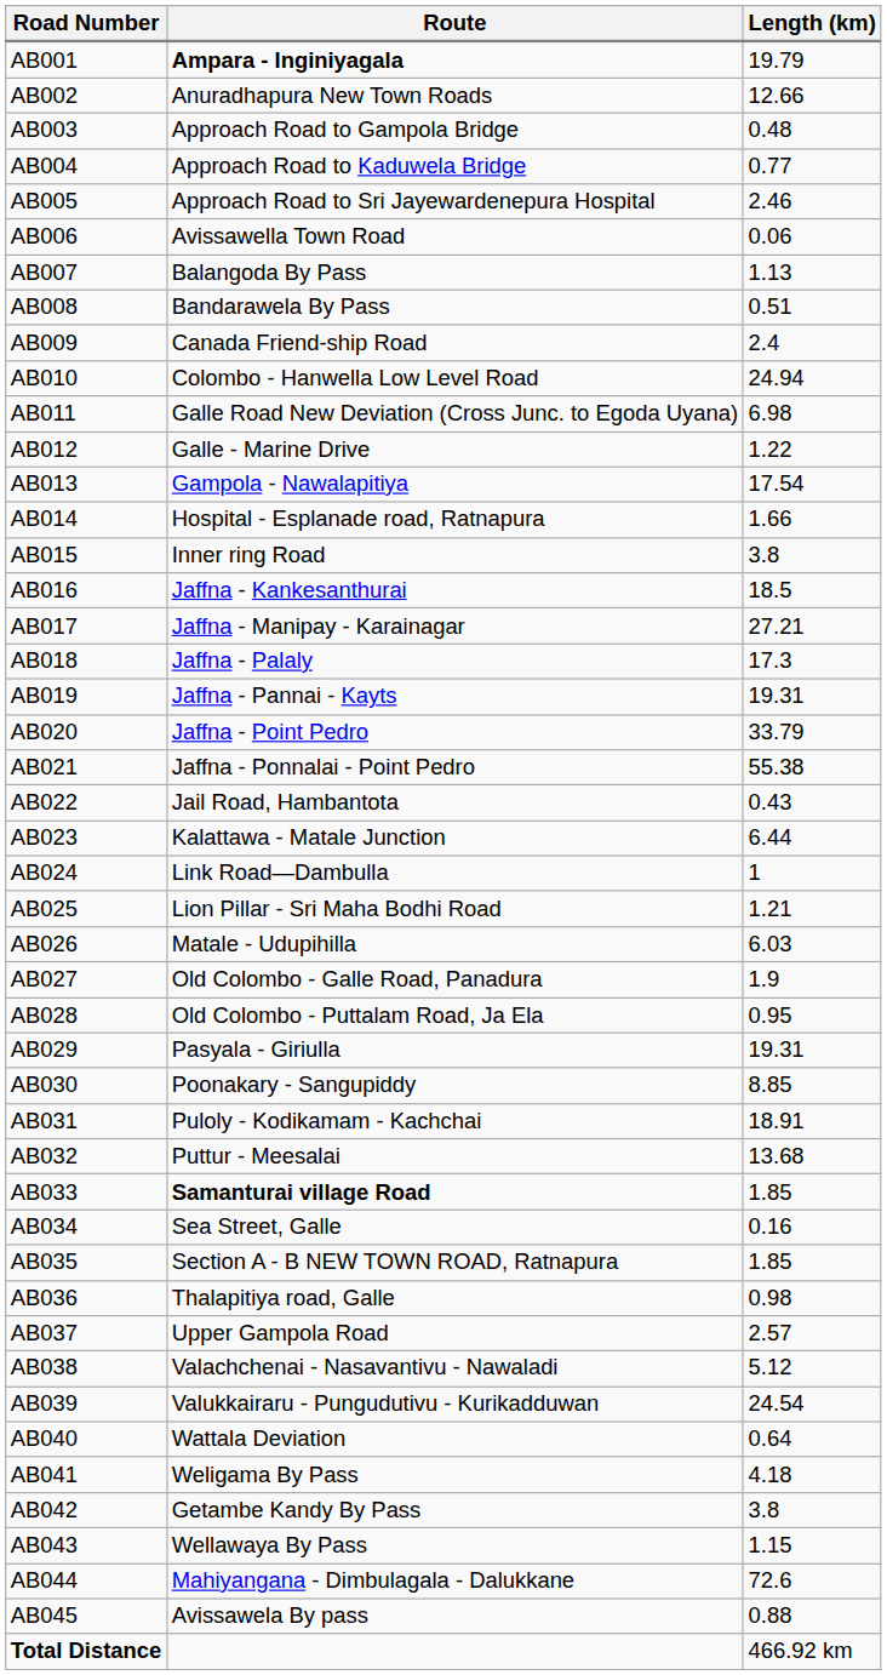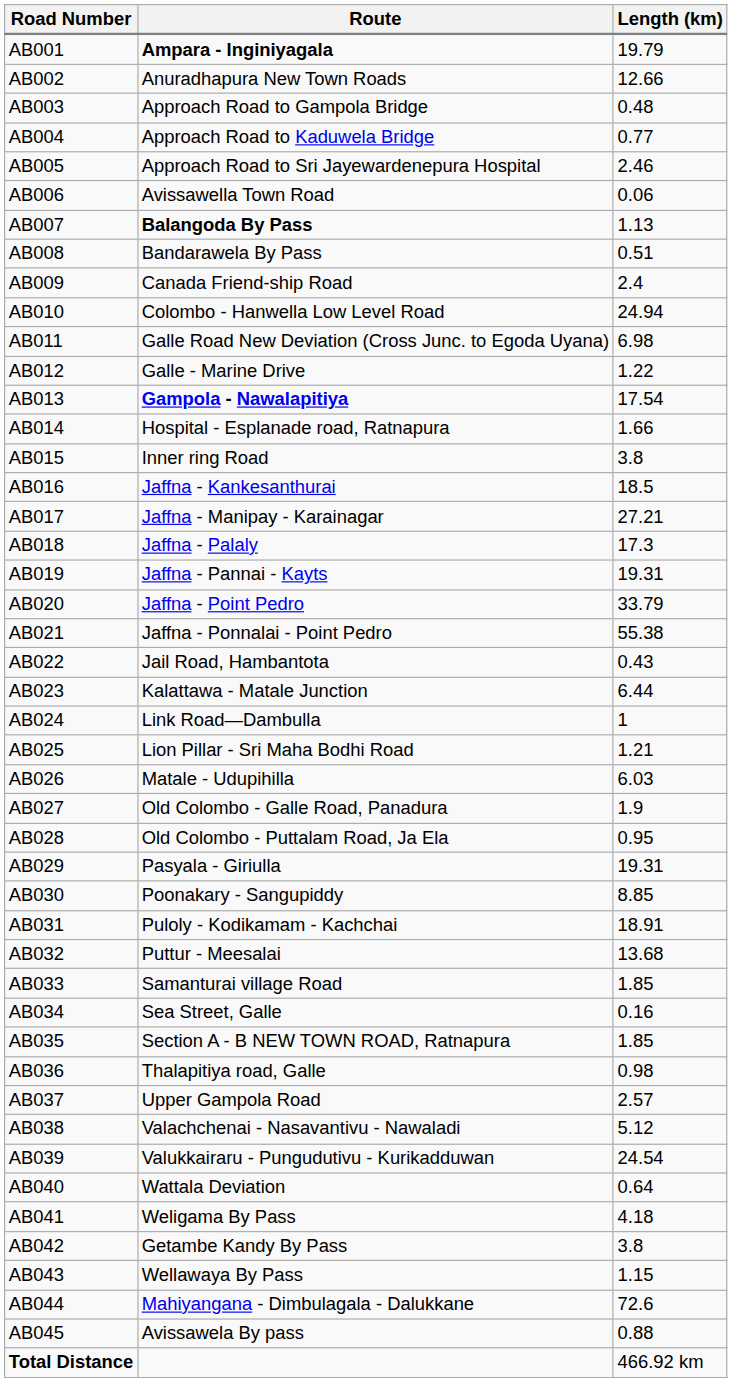 <table class="wikitable sortable align=left border=1 cellpadding=6 cellspacing=0 style="margin: 0 0 0 1em; background: #ffffff; border: 1px #aaaaaa solid; border-collapse: collapse; text-align:left; font-size: 95%;">
 <tr style="text-align:center; background: #efefef; border-bottom:2px solid gray;">
 <th>Road Number</th>
 <th>Route</th>
 <th>Length (km)</th>
 </tr>
 <tr>
 <td>AB001</td>
 <td><strong>Ampara - Inginiyagala</strong></td>
 <td>19.79</td>
 </tr>
 <tr>
 <td>AB002</td>
 <td>Anuradhapura New Town Roads</td>
 <td>12.66</td>
 </tr>
 <tr>
 <td>AB003</td>
 <td>Approach Road to Gampola Bridge</td>
 <td>0.48</td>
 </tr>
 <tr>
 <td>AB004</td>
 <td>Approach Road to <a href='#'>Kaduwela Bridge</a></td>
 <td>0.77</td>
 </tr>
 <tr>
 <td>AB005</td>
 <td>Approach Road to Sri Jayewardenepura Hospital</td>
 <td>2.46</td>
 </tr>
 <tr>
 <td>AB006</td>
 <td>Avissawella Town Road</td>
 <td>0.06</td>
 </tr>
 <tr>
 <td>AB007</td>
-<td>Balangoda By Pass</td>
+<td><strong>Balangoda By Pass</strong></td>
 <td>1.13</td>
 </tr>
 <tr>
 <td>AB008</td>
 <td>Bandarawela By Pass</td>
 <td>0.51</td>
 </tr>
 <tr>
 <td>AB009</td>
 <td>Canada Friend-ship Road</td>
 <td>2.4</td>
 </tr>
 <tr>
 <td>AB010</td>
 <td>Colombo - Hanwella Low Level Road</td>
 <td>24.94</td>
 </tr>
 <tr>
 <td>AB011</td>
 <td>Galle Road New Deviation (Cross Junc. to Egoda Uyana)</td>
 <td>6.98</td>
 </tr>
 <tr>
 <td>AB012</td>
 <td>Galle - Marine Drive</td>
 <td>1.22</td>
 </tr>
 <tr>
 <td>AB013</td>
-<td><a href='#'>Gampola</a> - <a href='#'>Nawalapitiya</a></td>
+<td><strong><a href='#'>Gampola</a> - <a href='#'>Nawalapitiya</a></strong></td>
 <td>17.54</td>
 </tr>
 <tr>
 <td>AB014</td>
 <td>Hospital - Esplanade road, Ratnapura</td>
 <td>1.66</td>
 </tr>
 <tr>
 <td>AB015</td>
 <td>Inner ring Road</td>
 <td>3.8</td>
 </tr>
 <tr>
 <td>AB016</td>
 <td><a href='#'>Jaffna</a> - <a href='#'>Kankesanthurai</a></td>
 <td>18.5</td>
 </tr>
 <tr>
 <td>AB017</td>
 <td><a href='#'>Jaffna</a> - Manipay - Karainagar</td>
 <td>27.21</td>
 </tr>
 <tr>
 <td>AB018</td>
 <td><a href='#'>Jaffna</a> - <a href='#'>Palaly</a></td>
 <td>17.3</td>
 </tr>
 <tr>
 <td>AB019</td>
 <td><a href='#'>Jaffna</a> - Pannai - <a href='#'>Kayts</a></td>
 <td>19.31</td>
 </tr>
 <tr>
 <td>AB020</td>
 <td><a href='#'>Jaffna</a> - <a href='#'>Point Pedro</a></td>
 <td>33.79</td>
 </tr>
 <tr>
 <td>AB021</td>
 <td>Jaffna - Ponnalai - Point Pedro</td>
 <td>55.38</td>
 </tr>
 <tr>
 <td>AB022</td>
 <td>Jail Road, Hambantota</td>
 <td>0.43</td>
 </tr>
 <tr>
 <td>AB023</td>
 <td>Kalattawa - Matale Junction</td>
 <td>6.44</td>
 </tr>
 <tr>
 <td>AB024</td>
 <td>Link Road—Dambulla</td>
 <td>1</td>
 </tr>
 <tr>
 <td>AB025</td>
 <td>Lion Pillar - Sri Maha Bodhi Road</td>
 <td>1.21</td>
 </tr>
 <tr>
 <td>AB026</td>
 <td>Matale - Udupihilla</td>
 <td>6.03</td>
 </tr>
 <tr>
 <td>AB027</td>
 <td>Old Colombo - Galle Road, Panadura</td>
 <td>1.9</td>
 </tr>
 <tr>
 <td>AB028</td>
 <td>Old Colombo - Puttalam Road, Ja Ela</td>
 <td>0.95</td>
 </tr>
 <tr>
 <td>AB029</td>
 <td>Pasyala - Giriulla</td>
 <td>19.31</td>
 </tr>
 <tr>
 <td>AB030</td>
 <td>Poonakary - Sangupiddy</td>
 <td>8.85</td>
 </tr>
 <tr>
 <td>AB031</td>
 <td>Puloly - Kodikamam - Kachchai</td>
 <td>18.91</td>
 </tr>
 <tr>
 <td>AB032</td>
 <td>Puttur - Meesalai</td>
 <td>13.68</td>
 </tr>
 <tr>
 <td>AB033</td>
-<td><strong>Samanturai village Road</strong></td>
+<td>Samanturai village Road</td>
 <td>1.85</td>
 </tr>
 <tr>
 <td>AB034</td>
 <td>Sea Street, Galle</td>
 <td>0.16</td>
 </tr>
 <tr>
 <td>AB035</td>
 <td>Section A - B NEW TOWN ROAD, Ratnapura</td>
 <td>1.85</td>
 </tr>
 <tr>
 <td>AB036</td>
 <td>Thalapitiya road, Galle</td>
 <td>0.98</td>
 </tr>
 <tr>
 <td>AB037</td>
 <td>Upper Gampola Road</td>
 <td>2.57</td>
 </tr>
 <tr>
 <td>AB038</td>
 <td>Valachchenai - Nasavantivu - Nawaladi</td>
 <td>5.12</td>
 </tr>
 <tr>
 <td>AB039</td>
 <td>Valukkairaru - Pungudutivu - Kurikadduwan</td>
 <td>24.54</td>
 </tr>
 <tr>
 <td>AB040</td>
 <td>Wattala Deviation</td>
 <td>0.64</td>
 </tr>
 <tr>
 <td>AB041</td>
 <td>Weligama By Pass</td>
 <td>4.18</td>
 </tr>
 <tr>
 <td>AB042</td>
 <td>Getambe Kandy By Pass</td>
 <td>3.8</td>
 </tr>
 <tr>
 <td>AB043</td>
 <td>Wellawaya By Pass</td>
 <td>1.15</td>
 </tr>
 <tr>
 <td>AB044</td>
 <td><a href='#'>Mahiyangana</a> - Dimbulagala - Dalukkane</td>
 <td>72.6</td>
 </tr>
 <tr>
 <td>AB045</td>
 <td>Avissawela By pass</td>
 <td>0.88</td>
 </tr>
 <tr>
 <td><strong>Total Distance</strong></td>
 <td></td>
 <td>466.92 km</td>
 </tr>
 <tr>
 </tr>
 </table>
